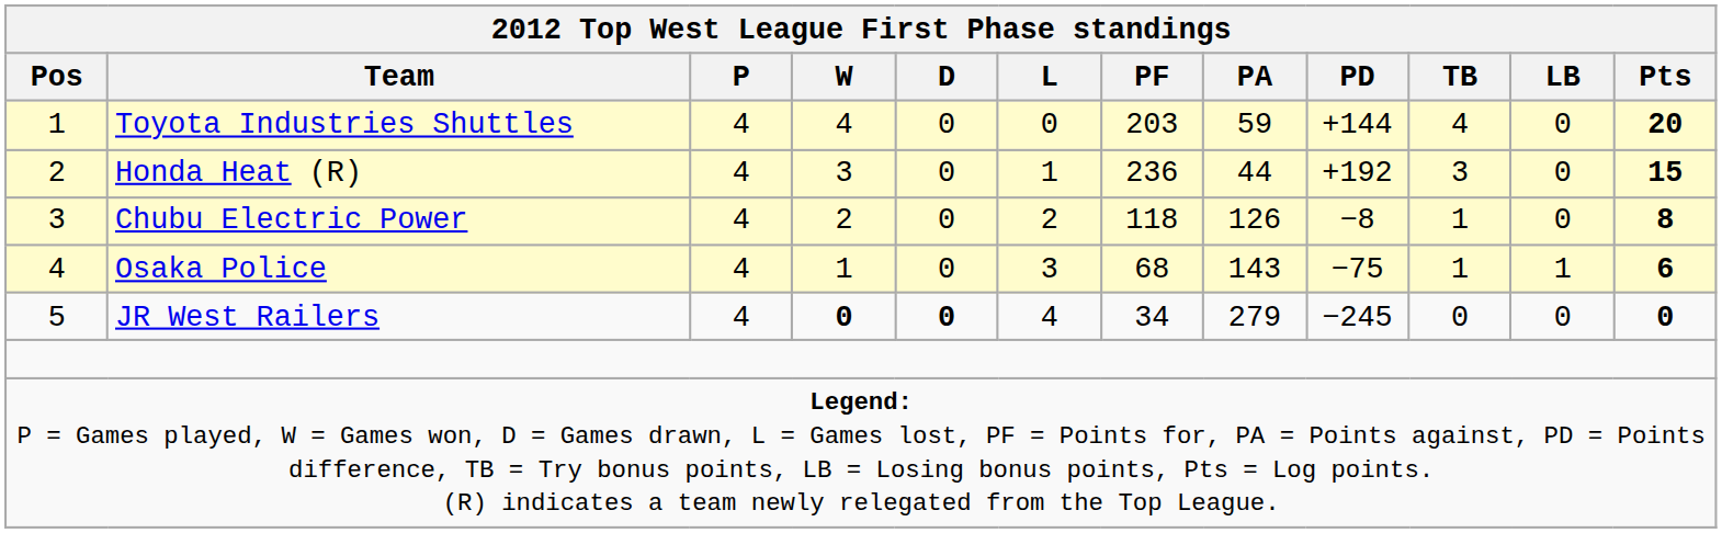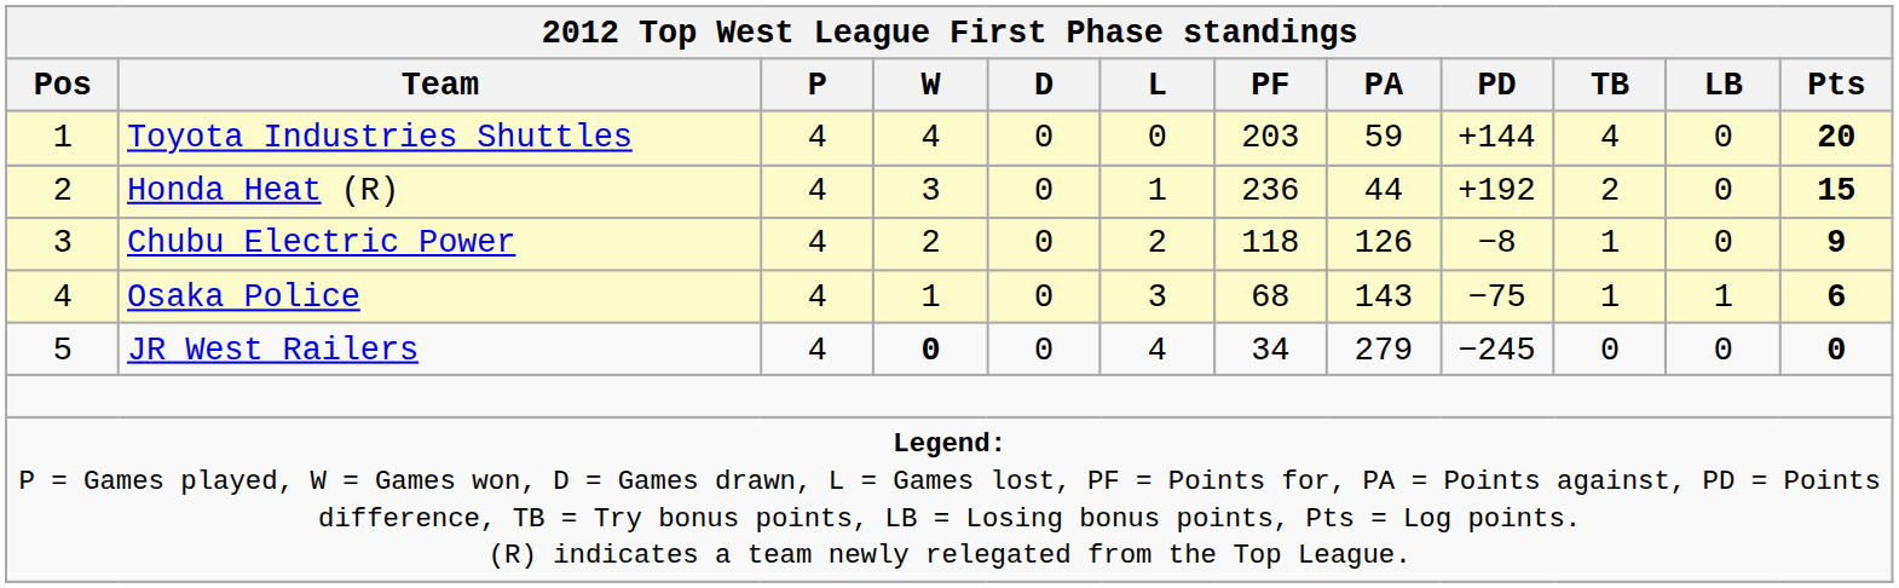 <table class="wikitable" style="text-align:center; font-size:100%; width:60%;">
 <tr>
 <th colspan="100%" cellpadding="0" cellspacing="0"><strong>2012 Top West League First Phase standings</strong></th>
 </tr>
 <tr>
 <th style="width:6%;">Pos</th>
 <th style="width:34%;">Team</th>
 <th style="width:6%;">P</th>
 <th style="width:6%;">W</th>
 <th style="width:6%;">D</th>
 <th style="width:6%;">L</th>
 <th style="width:6%;">PF</th>
 <th style="width:6%;">PA</th>
 <th style="width:6%;">PD</th>
 <th style="width:6%;">TB</th>
 <th style="width:6%;">LB</th>
 <th style="width:6%;">Pts<br></th>
 </tr>
 <tr style="background:#FFFCCC;">
 <td>1</td>
 <td style="text-align:left;"><a href='#'>Toyota Industries Shuttles</a></td>
 <td>4</td>
 <td>4</td>
 <td>0</td>
 <td>0</td>
 <td>203</td>
 <td>59</td>
 <td>+144</td>
 <td>4</td>
 <td>0</td>
 <td><strong>20</strong></td>
 </tr>
 <tr style="background:#FFFCCC;">
 <td>2</td>
 <td style="text-align:left;"><a href='#'>Honda Heat</a> (R)</td>
 <td>4</td>
 <td>3</td>
 <td>0</td>
 <td>1</td>
 <td>236</td>
 <td>44</td>
 <td>+192</td>
-<td>3</td>
+<td>2</td>
 <td>0</td>
 <td><strong>15</strong></td>
 </tr>
 <tr style="background:#FFFCCC;">
 <td>3</td>
 <td style="text-align:left;"><a href='#'>Chubu Electric Power</a></td>
 <td>4</td>
 <td>2</td>
 <td>0</td>
 <td>2</td>
 <td>118</td>
 <td>126</td>
 <td>−8</td>
 <td>1</td>
 <td>0</td>
-<td><strong>8</strong></td>
+<td><strong>9</strong></td>
 </tr>
 <tr style="background:#FFFCCC;">
 <td>4</td>
 <td style="text-align:left;"><a href='#'>Osaka Police</a></td>
 <td>4</td>
 <td>1</td>
 <td>0</td>
 <td>3</td>
 <td>68</td>
 <td>143</td>
 <td>−75</td>
 <td>1</td>
 <td>1</td>
 <td><strong>6</strong></td>
 </tr>
 <tr>
 <td>5</td>
 <td style="text-align:left;"><a href='#'>JR West Railers</a></td>
 <td>4</td>
 <td><strong>0</strong></td>
-<td><strong>0</strong></td>
+<td>0</td>
 <td>4</td>
 <td>34</td>
 <td>279</td>
 <td>−245</td>
 <td>0</td>
 <td>0</td>
 <td><strong>0</strong></td>
 </tr>
 <tr>
 <td colspan="100%" style="height:10px;"></td>
 </tr>
 <tr>
 <td colspan="100%"><small><strong>Legend:</strong> <br> P = Games played, W = Games won, D = Games drawn, L = Games lost, PF = Points for, PA = Points against, PD = Points difference, TB = Try bonus points, LB = Losing bonus points, Pts = Log points. <br> (R) indicates a team newly relegated from the Top League.</small></td>
 </tr>
 </table>
